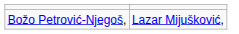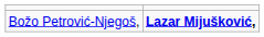 <table class="wikitable" style="text-align:left; float:left; margin-right:9px; margin-left:2px;">
 <tr>
 <td style="text-align:center;"></td>
 <td style="text-align:center;"></td>
 </tr>
 <tr>
 <td style="text-align:center;"><a href='#'>Božo Petrović-Njegoš</a>,<br></td>
-<td style="text-align:center;"><a href='#'>Lazar Mijušković</a>,<br></td>
+<td style="text-align:center;"><strong><a href='#'>Lazar Mijušković</a>,<br></strong></td>
 </tr>
 </table>
